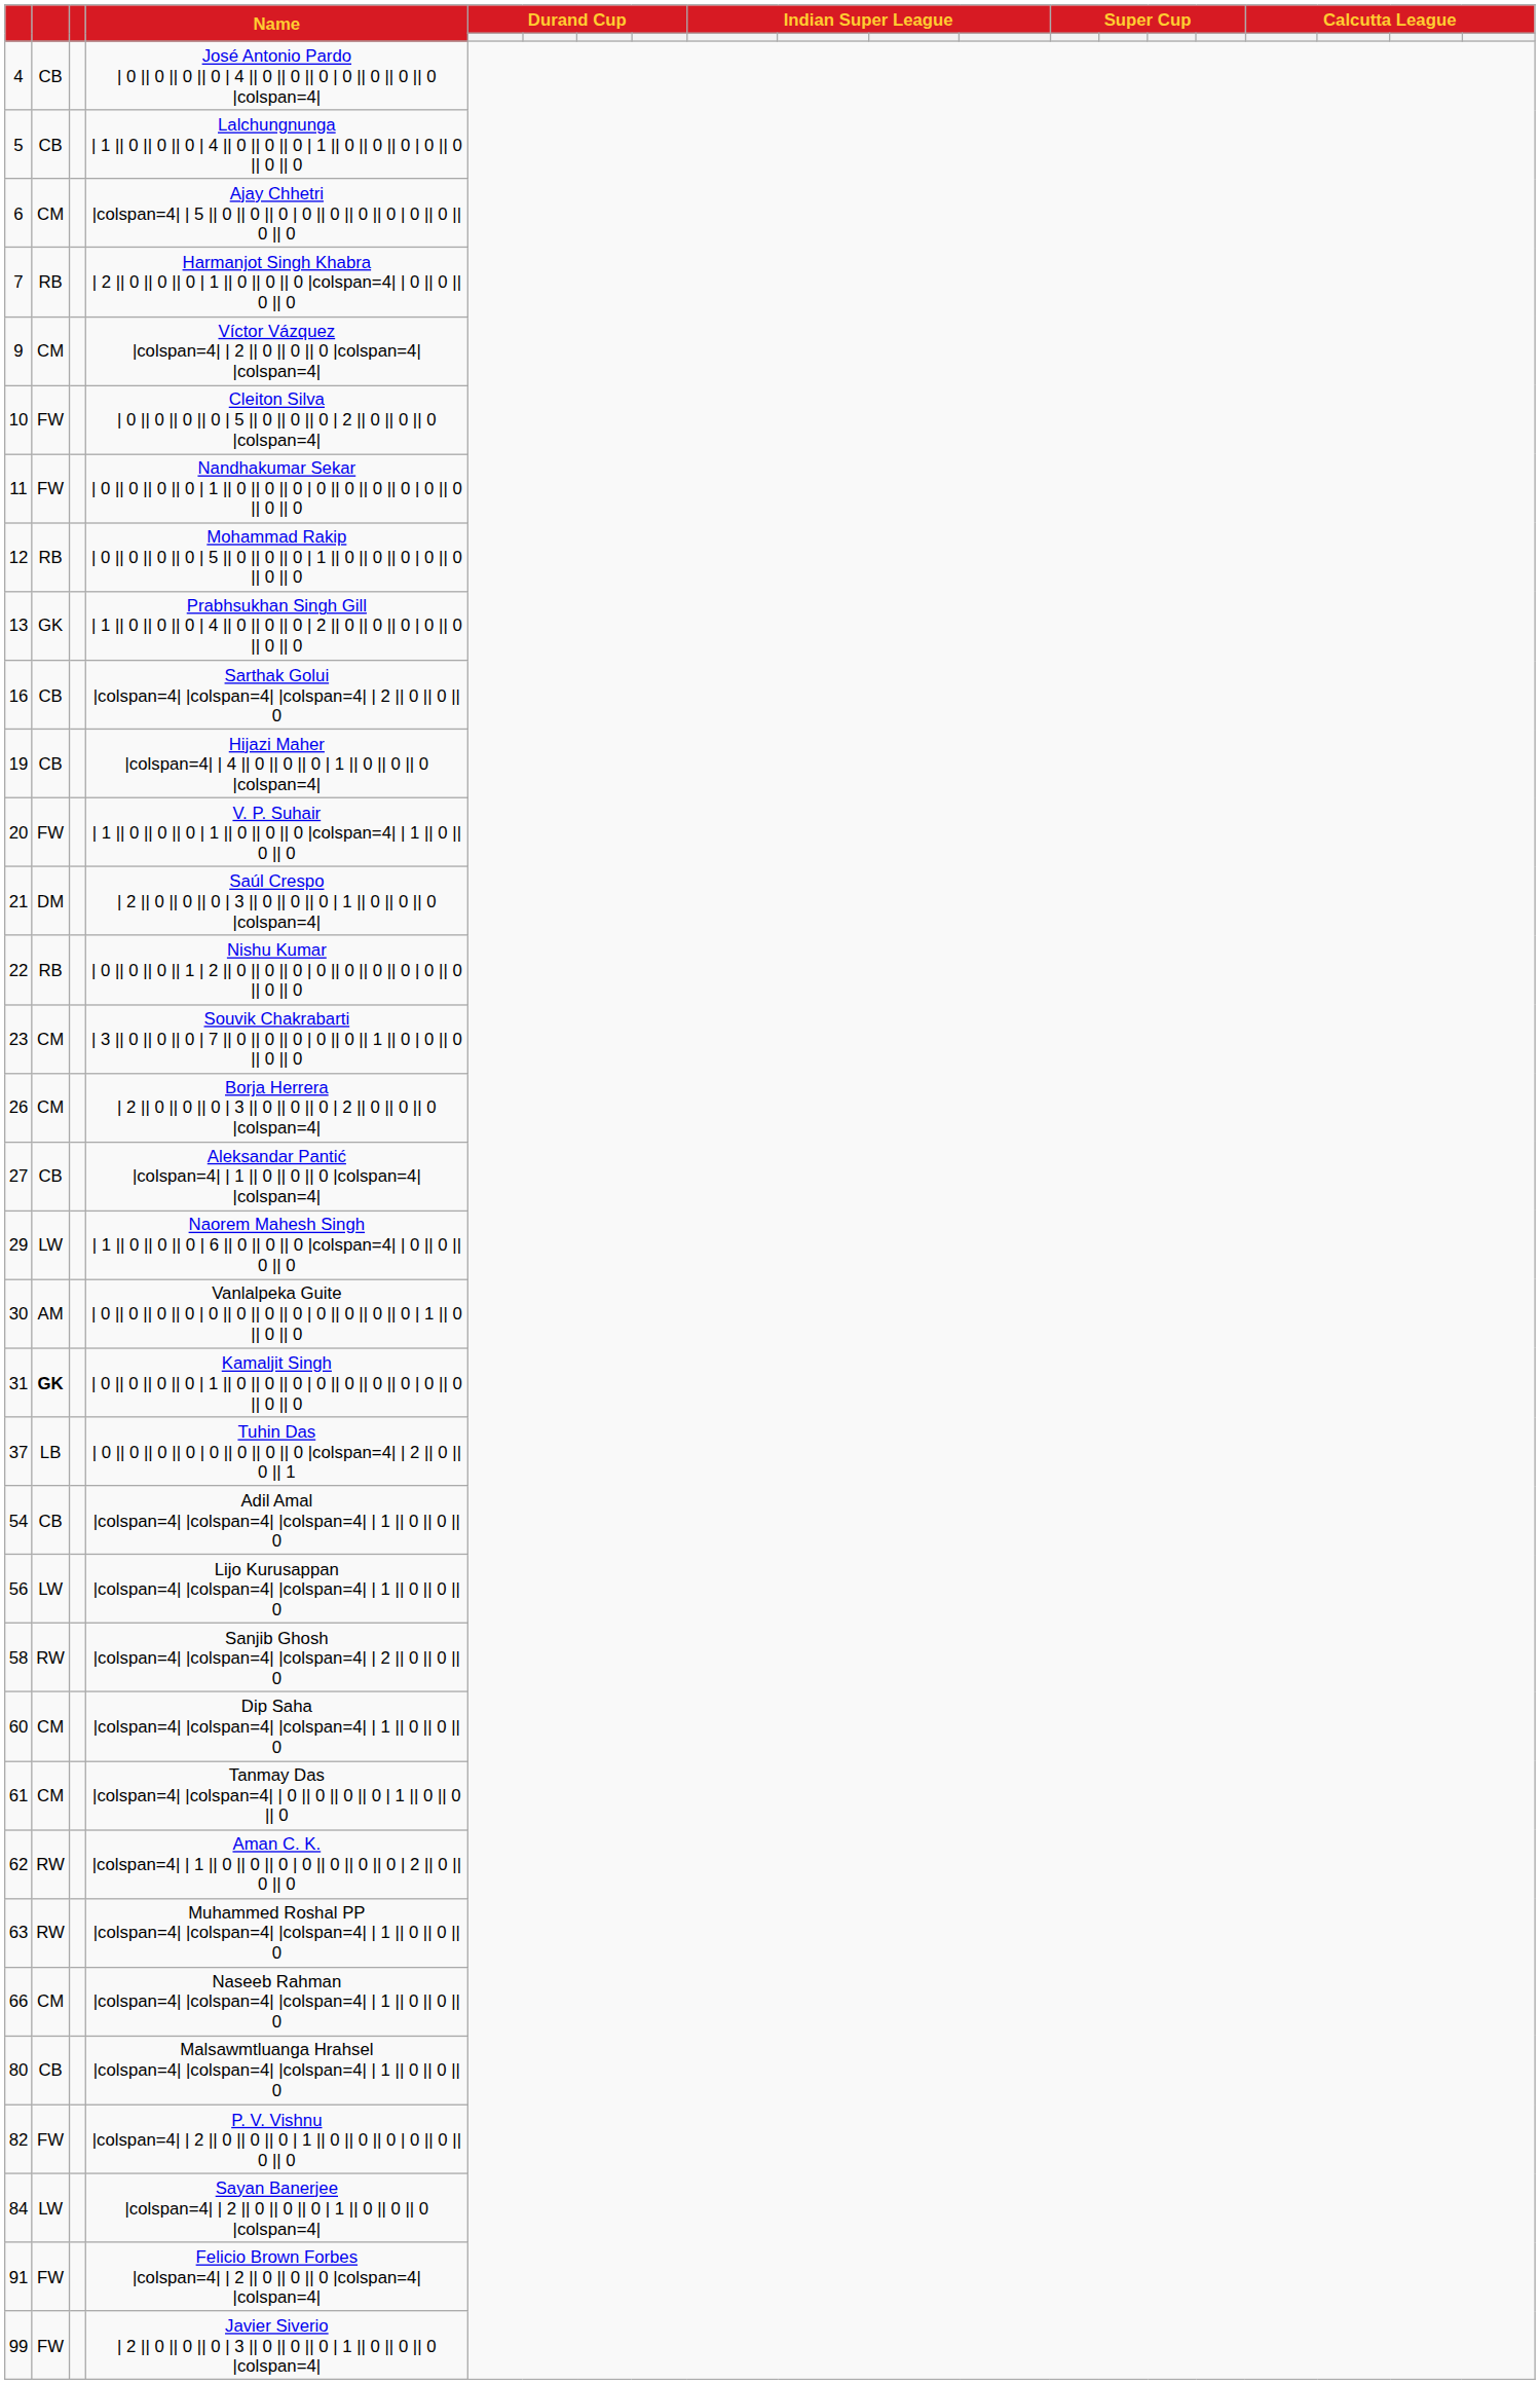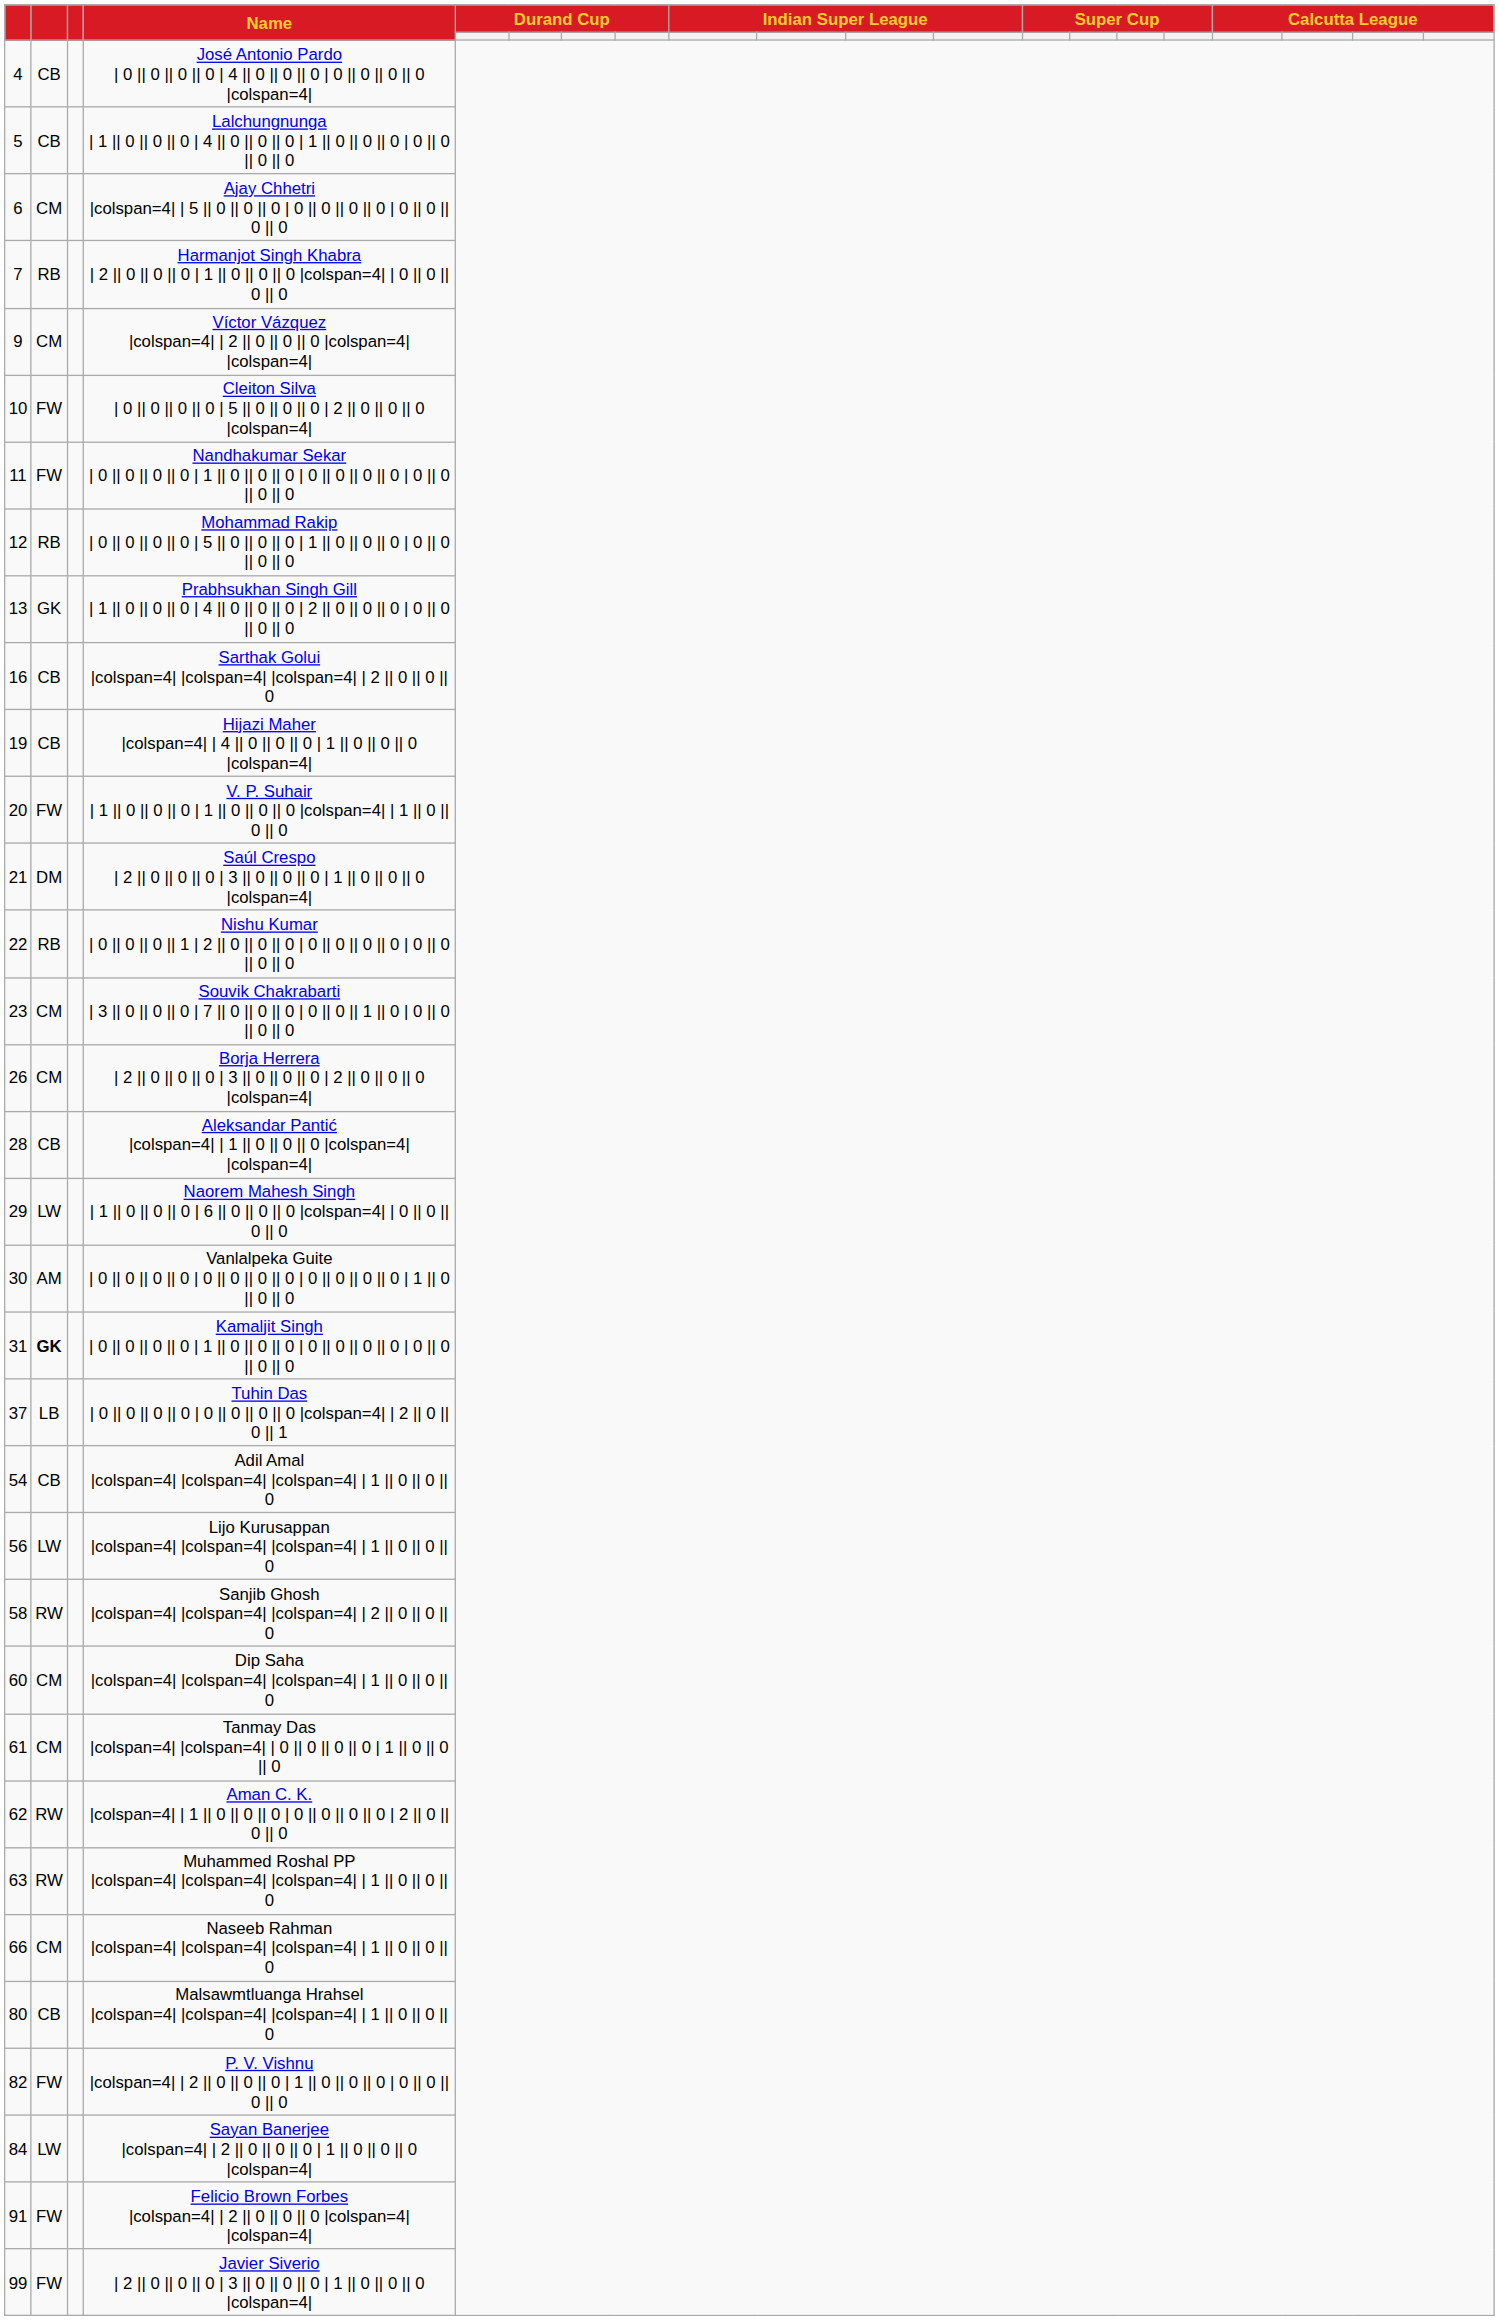 <table class="wikitable sortable" style="text-align:center; font-size:80%; width:90%;">
 <tr>
 <th style="background:#d71a23; color:#ffcd31; text-align:center; width:1%;" rowspan="2"></th>
 <th style="background:#d71a23; color:#ffcd31; text-align:center; width:1%;" rowspan="2"></th>
 <th style="background:#d71a23; color:#ffcd31; text-align:center;" rowspan="2"></th>
 <th style="background:#d71a23; color:#ffcd31; text-align:center; width:25%;" rowspan="2">Name</th>
 <th colspan="4" style="background:#d71a23; color:#ffcd31; text-align:center;">Durand Cup</th>
 <th colspan="4" style="background:#d71a23; color:#ffcd31; text-align:center;">Indian Super League</th>
 <th colspan="4" style="background:#d71a23; color:#ffcd31; text-align:center;">Super Cup</th>
 <th colspan="4" style="background:#d71a23; color:#ffcd31; text-align:center;">Calcutta League</th>
 </tr>
 <tr>
 <th></th>
 <th></th>
 <th></th>
 <th></th>
 <th></th>
 <th></th>
 <th></th>
 <th></th>
 <th></th>
 <th></th>
 <th></th>
 <th></th>
 <th></th>
 <th></th>
 <th></th>
 <th></th>
 </tr>
 <tr>
 <td>4</td>
 <td>CB</td>
 <td></td>
 <td><a href='#'>José Antonio Pardo</a><br>| 0 || 0 || 0 || 0 | 4 || 0 || 0 || 0 | 0 || 0 || 0 || 0 |colspan=4| </td>
 </tr>
 <tr>
 <td>5</td>
 <td>CB</td>
 <td></td>
 <td><a href='#'>Lalchungnunga</a><br>| 1 || 0 || 0 || 0 | 4 || 0 || 0 || 0 | 1 || 0 || 0 || 0 | 0 || 0 || 0 || 0</td>
 </tr>
 <tr>
 <td>6</td>
 <td>CM</td>
 <td></td>
 <td><a href='#'>Ajay Chhetri</a><br>|colspan=4|  | 5 || 0 || 0 || 0 | 0 || 0 || 0 || 0 | 0 || 0 || 0 || 0</td>
 </tr>
 <tr>
 <td>7</td>
 <td>RB</td>
 <td></td>
 <td><a href='#'>Harmanjot Singh Khabra</a><br>| 2 || 0 || 0 || 0 | 1 || 0 || 0 || 0 |colspan=4|  | 0 || 0 || 0 || 0</td>
 </tr>
 <tr>
 <td>9</td>
 <td>CM</td>
 <td></td>
 <td><a href='#'>Víctor Vázquez</a><br>|colspan=4|  | 2 || 0 || 0 || 0 |colspan=4|  |colspan=4| </td>
 </tr>
 <tr>
 <td>10</td>
 <td>FW</td>
 <td></td>
 <td><a href='#'>Cleiton Silva</a><br>| 0 || 0 || 0 || 0 | 5 || 0 || 0 || 0 | 2 || 0 || 0 || 0 |colspan=4| </td>
 </tr>
 <tr>
 <td>11</td>
 <td>FW</td>
 <td></td>
 <td><a href='#'>Nandhakumar Sekar</a><br>| 0 || 0 || 0 || 0 | 1 || 0 || 0 || 0 | 0 || 0 || 0 || 0 | 0 || 0 || 0 || 0</td>
 </tr>
 <tr>
 <td>12</td>
 <td>RB</td>
 <td></td>
 <td><a href='#'>Mohammad Rakip</a><br>| 0 || 0 || 0 || 0 | 5 || 0 || 0 || 0 | 1 || 0 || 0 || 0 | 0 || 0 || 0 || 0</td>
 </tr>
 <tr>
 <td>13</td>
 <td>GK</td>
 <td></td>
 <td><a href='#'>Prabhsukhan Singh Gill</a><br>| 1 || 0 || 0 || 0 | 4 || 0 || 0 || 0 | 2 || 0 || 0 || 0 | 0 || 0 || 0 || 0</td>
 </tr>
 <tr>
 <td>16</td>
 <td>CB</td>
 <td></td>
 <td><a href='#'>Sarthak Golui</a><br>|colspan=4|  |colspan=4|  |colspan=4|  | 2 || 0 || 0 || 0</td>
 </tr>
 <tr>
 <td>19</td>
 <td>CB</td>
 <td></td>
 <td><a href='#'>Hijazi Maher</a><br>|colspan=4|  | 4 || 0 || 0 || 0 | 1 || 0 || 0 || 0 |colspan=4| </td>
 </tr>
 <tr>
 <td>20</td>
 <td>FW</td>
 <td></td>
 <td><a href='#'>V. P. Suhair</a><br>| 1 || 0 || 0 || 0 | 1 || 0 || 0 || 0 |colspan=4|  | 1 || 0 || 0 || 0</td>
 </tr>
 <tr>
 <td>21</td>
 <td>DM</td>
 <td></td>
 <td><a href='#'>Saúl Crespo</a><br>| 2 || 0 || 0 || 0 | 3 || 0 || 0 || 0 | 1 || 0 || 0 || 0 |colspan=4| </td>
 </tr>
 <tr>
 <td>22</td>
 <td>RB</td>
 <td></td>
 <td><a href='#'>Nishu Kumar</a><br>| 0 || 0 || 0 || 1 | 2 || 0 || 0 || 0 | 0 || 0 || 0 || 0 | 0 || 0 || 0 || 0</td>
 </tr>
 <tr>
 <td>23</td>
 <td>CM</td>
 <td></td>
 <td><a href='#'>Souvik Chakrabarti</a><br>| 3 || 0 || 0 || 0 | 7 || 0 || 0 || 0 | 0 || 0 || 1 || 0 | 0 || 0 || 0 || 0</td>
 </tr>
 <tr>
 <td>26</td>
 <td>CM</td>
 <td></td>
 <td><a href='#'>Borja Herrera</a><br>| 2 || 0 || 0 || 0 | 3 || 0 || 0 || 0 | 2 || 0 || 0 || 0 |colspan=4| </td>
 </tr>
 <tr>
-<td>27</td>
+<td>28</td>
 <td>CB</td>
 <td></td>
 <td><a href='#'>Aleksandar Pantić</a><br>|colspan=4|  | 1 || 0 || 0 || 0 |colspan=4|  |colspan=4| </td>
 </tr>
 <tr>
 <td>29</td>
 <td>LW</td>
 <td></td>
 <td><a href='#'>Naorem Mahesh Singh</a><br>| 1 || 0 || 0 || 0 | 6 || 0 || 0 || 0 |colspan=4|  | 0 || 0 || 0 || 0</td>
 </tr>
 <tr>
 <td>30</td>
 <td>AM</td>
 <td></td>
 <td>Vanlalpeka Guite<br>| 0 || 0 || 0 || 0 | 0 || 0 || 0 || 0 | 0 || 0 || 0 || 0 | 1 || 0 || 0 || 0</td>
 </tr>
 <tr>
 <td>31</td>
 <td><strong>GK</strong></td>
 <td></td>
 <td><a href='#'>Kamaljit Singh</a><br>| 0 || 0 || 0 || 0 | 1 || 0 || 0 || 0 | 0 || 0 || 0 || 0 | 0 || 0 || 0 || 0</td>
 </tr>
 <tr>
 <td>37</td>
 <td>LB</td>
 <td></td>
 <td><a href='#'>Tuhin Das</a><br>| 0 || 0 || 0 || 0 | 0 || 0 || 0 || 0 |colspan=4|  | 2 || 0 || 0 || 1</td>
 </tr>
 <tr>
 <td>54</td>
 <td>CB</td>
 <td></td>
 <td>Adil Amal<br>|colspan=4|  |colspan=4|  |colspan=4|  | 1 || 0 || 0 || 0</td>
 </tr>
 <tr>
 <td>56</td>
 <td>LW</td>
 <td></td>
 <td>Lijo Kurusappan<br>|colspan=4|  |colspan=4|  |colspan=4|  | 1 || 0 || 0 || 0</td>
 </tr>
 <tr>
 <td>58</td>
 <td>RW</td>
 <td></td>
 <td>Sanjib Ghosh<br>|colspan=4|  |colspan=4|  |colspan=4|  | 2 || 0 || 0 || 0</td>
 </tr>
 <tr>
 <td>60</td>
 <td>CM</td>
 <td></td>
 <td>Dip Saha<br>|colspan=4|  |colspan=4|  |colspan=4|  | 1 || 0 || 0 || 0</td>
 </tr>
 <tr>
 <td>61</td>
 <td>CM</td>
 <td></td>
 <td>Tanmay Das<br>|colspan=4|  |colspan=4|  | 0 || 0 || 0 || 0 | 1 || 0 || 0 || 0</td>
 </tr>
 <tr>
 <td>62</td>
 <td>RW</td>
 <td></td>
 <td><a href='#'>Aman C. K.</a><br>|colspan=4|  | 1 || 0 || 0 || 0 | 0 || 0 || 0 || 0 | 2 || 0 || 0 || 0</td>
 </tr>
 <tr>
 <td>63</td>
 <td>RW</td>
 <td></td>
 <td>Muhammed Roshal PP<br>|colspan=4|  |colspan=4|  |colspan=4|  | 1 || 0 || 0 || 0</td>
 </tr>
 <tr>
 <td>66</td>
 <td>CM</td>
 <td></td>
 <td>Naseeb Rahman<br>|colspan=4|  |colspan=4|  |colspan=4|  | 1 || 0 || 0 || 0</td>
 </tr>
 <tr>
 <td>80</td>
 <td>CB</td>
 <td></td>
 <td>Malsawmtluanga Hrahsel<br>|colspan=4|  |colspan=4|  |colspan=4|  | 1 || 0 || 0 || 0</td>
 </tr>
 <tr>
 <td>82</td>
 <td>FW</td>
 <td></td>
 <td><a href='#'>P. V. Vishnu</a><br>|colspan=4|  | 2 || 0 || 0 || 0 | 1 || 0 || 0 || 0 | 0 || 0 || 0 || 0</td>
 </tr>
 <tr>
 <td>84</td>
 <td>LW</td>
 <td></td>
 <td><a href='#'>Sayan Banerjee</a><br>|colspan=4|  | 2 || 0 || 0 || 0 | 1 || 0 || 0 || 0 |colspan=4| </td>
 </tr>
 <tr>
 <td>91</td>
 <td>FW</td>
 <td></td>
 <td><a href='#'>Felicio Brown Forbes</a><br>|colspan=4|  | 2 || 0 || 0 || 0 |colspan=4|  |colspan=4| </td>
 </tr>
 <tr>
 <td>99</td>
 <td>FW</td>
 <td></td>
 <td><a href='#'>Javier Siverio</a><br>| 2 || 0 || 0 || 0 | 3 || 0 || 0 || 0 | 1 || 0 || 0 || 0 |colspan=4| </td>
 </tr>
 <tr>
 </tr>
 </table>
